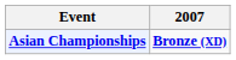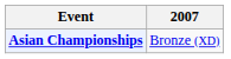 <table style='font-size: 90%; text-align:center;' class='wikitable'>
 <tr>
 <th>Event</th>
 <th>2007</th>
 </tr>
 <tr>
 <td bgcolor="#ECF2FF"; align="left"><strong><a href='#'>Asian Championships</a></strong></td>
-<td><strong> <a href='#'>Bronze <small>(XD)</small></a></strong></td>
+<td> <a href='#'>Bronze <small>(XD)</small></a></td>
 </tr>
 </table>
